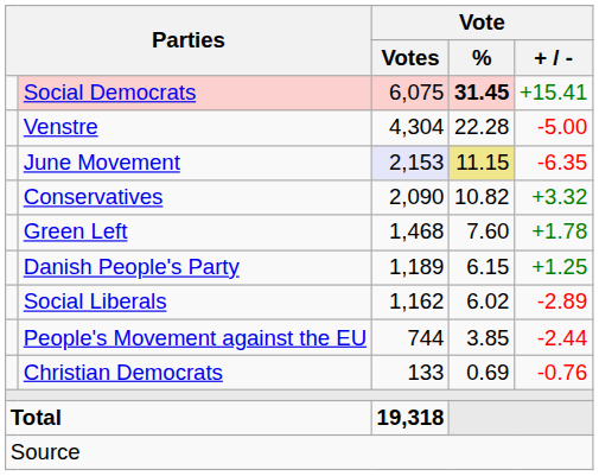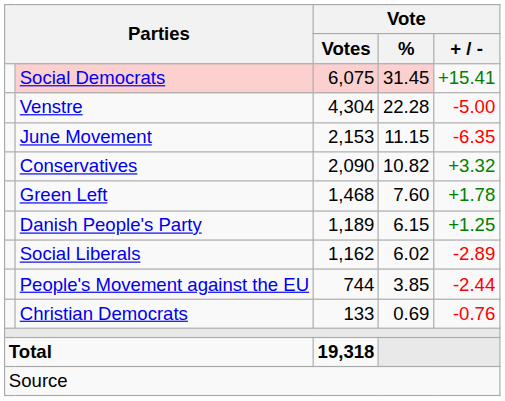 <table class="wikitable" style="text-align:right;">
 <tr>
 <th style="text-align:centre;" rowspan="2" colspan="2" width="225">Parties</th>
 <th colspan="3">Vote</th>
 </tr>
 <tr>
 <th width="15">Votes</th>
 <th width="15">%</th>
 <th width="15">+ / -</th>
 </tr>
 <tr>
 <td width="2" style="color:inherit;background:"></td>
 <td bgcolor=#fbd0ce   align="left"><a href='#'>Social Democrats</a></td>
 <td bgcolor=#fbd0ce>6,075</td>
-<td bgcolor=#fbd0ce><strong>31.45</strong></td>
+<td bgcolor=#fbd0ce>31.45</td>
 <td style=color:green;>+15.41</td>
 </tr>
 <tr>
 <td width="2" style="color:inherit;background:"></td>
 <td align="left"><a href='#'>Venstre</a></td>
 <td>4,304</td>
 <td>22.28</td>
 <td style=color:red;>-5.00</td>
 </tr>
 <tr>
 <td width="2" style="color:inherit;background:"></td>
 <td align="left"><a href='#'>June Movement</a></td>
-<td style="background: lavender;">2,153</td>
-<td style="background: khaki;">11.15</td>
+<td>2,153</td>
+<td>11.15</td>
 <td style=color:red;>-6.35</td>
 </tr>
 <tr>
 <td width="2" style="color:inherit;background:"></td>
 <td align="left"><a href='#'>Conservatives</a></td>
 <td>2,090</td>
 <td>10.82</td>
 <td style=color:green;>+3.32</td>
 </tr>
 <tr>
 <td width="2" style="color:inherit;background:"></td>
 <td align="left"><a href='#'>Green Left</a></td>
 <td>1,468</td>
 <td>7.60</td>
 <td style=color:green;>+1.78</td>
 </tr>
 <tr>
 <td width="2" style="color:inherit;background:"></td>
 <td align="left"><a href='#'>Danish People's Party</a></td>
 <td>1,189</td>
 <td>6.15</td>
 <td style=color:green;>+1.25</td>
 </tr>
 <tr>
 <td width="2" style="color:inherit;background:"></td>
 <td align="left"><a href='#'>Social Liberals</a></td>
 <td>1,162</td>
 <td>6.02</td>
 <td style=color:red;>-2.89</td>
 </tr>
 <tr>
 <td width="2" style="color:inherit;background:"></td>
 <td align="left"><a href='#'>People's Movement against the EU</a></td>
 <td>744</td>
 <td>3.85</td>
 <td style=color:red;>-2.44</td>
 </tr>
 <tr>
 <td width="2" style="color:inherit;background:"></td>
 <td align="left"><a href='#'>Christian Democrats</a></td>
 <td>133</td>
 <td>0.69</td>
 <td style=color:red;>-0.76</td>
 </tr>
 <tr>
 <td colspan="7" bgcolor="#E9E9E9"></td>
 </tr>
 <tr>
 <td align="left" colspan="2"><strong>Total</strong></td>
 <td><strong>19,318</strong></td>
 <td bgcolor="#E9E9E9" colspan="2"></td>
 </tr>
 <tr>
 <td align="left" colspan="6">Source</td>
 </tr>
 </table>
